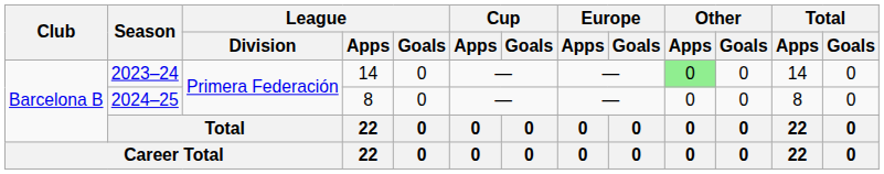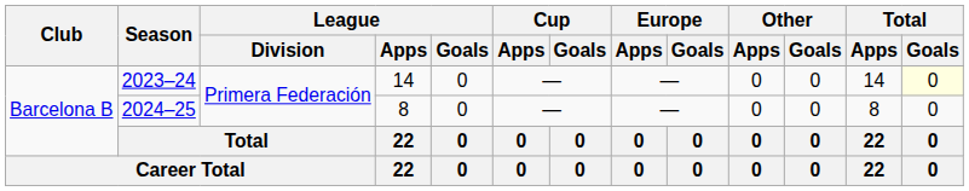 <table class="wikitable" Style="text-align: center">
 <tr>
 <th rowspan="2">Club</th>
 <th rowspan="2">Season</th>
 <th colspan="3">League</th>
 <th colspan="2">Cup</th>
 <th colspan="2">Europe</th>
 <th colspan="2">Other</th>
 <th colspan="2">Total</th>
 </tr>
 <tr>
 <th>Division</th>
 <th>Apps</th>
 <th>Goals</th>
 <th>Apps</th>
 <th>Goals</th>
 <th>Apps</th>
 <th>Goals</th>
 <th>Apps</th>
 <th>Goals</th>
 <th>Apps</th>
 <th>Goals</th>
 </tr>
 <tr>
 <td rowspan=3><a href='#'>Barcelona B</a></td>
 <td><a href='#'>2023–24</a></td>
 <td rowspan=2><a href='#'>Primera Federación</a></td>
 <td>14</td>
 <td>0</td>
 <td colspan="2">—</td>
 <td colspan="2">—</td>
-<td style="background: lightgreen;">0</td>
+<td>0</td>
 <td>0</td>
 <td>14</td>
-<td>0</td>
+<td style="background: lightyellow;">0</td>
 </tr>
 <tr>
 <td><a href='#'>2024–25</a></td>
 <td>8</td>
 <td>0</td>
 <td colspan="2">—</td>
 <td colspan="2">—</td>
 <td>0</td>
 <td>0</td>
 <td>8</td>
 <td>0</td>
 </tr>
 <tr>
 <th colspan="2">Total</th>
 <th>22</th>
 <th>0</th>
 <th>0</th>
 <th>0</th>
 <th>0</th>
 <th>0</th>
 <th>0</th>
 <th>0</th>
 <th>22</th>
 <th>0</th>
 </tr>
 <tr>
 <th colspan="3">Career Total</th>
 <th>22</th>
 <th>0</th>
 <th>0</th>
 <th>0</th>
 <th>0</th>
 <th>0</th>
 <th>0</th>
 <th>0</th>
 <th>22</th>
 <th>0</th>
 </tr>
 </table>
